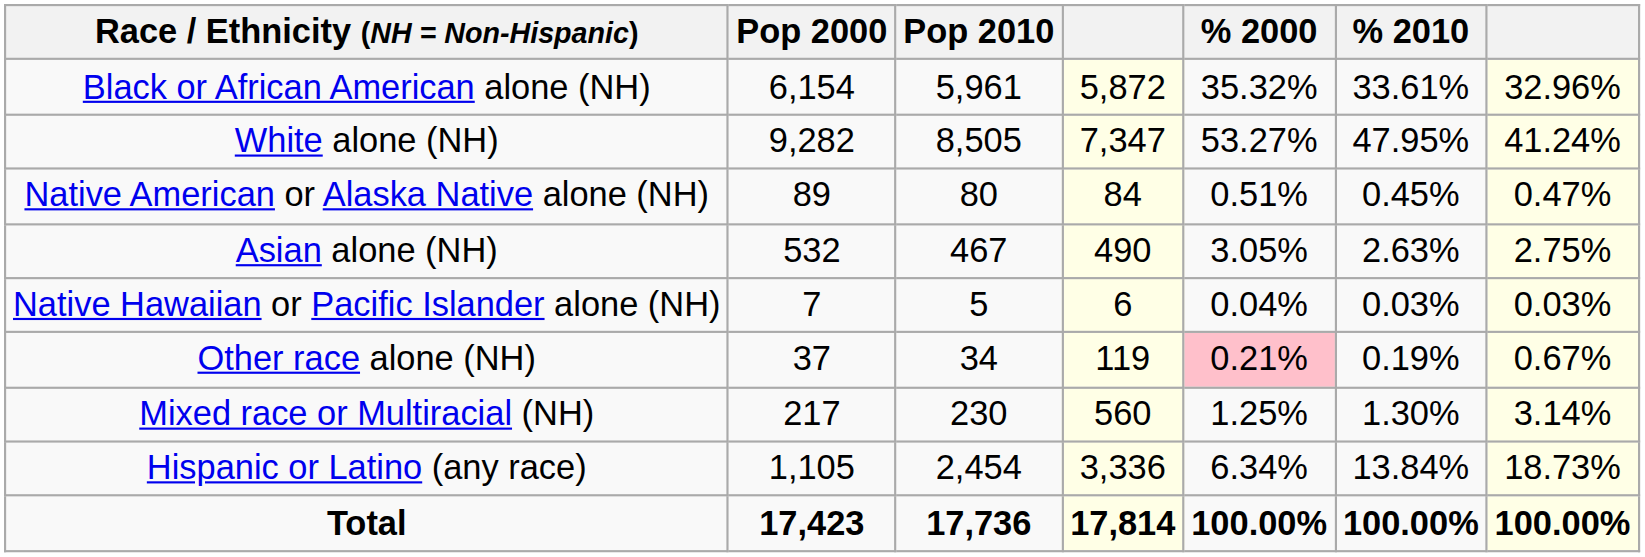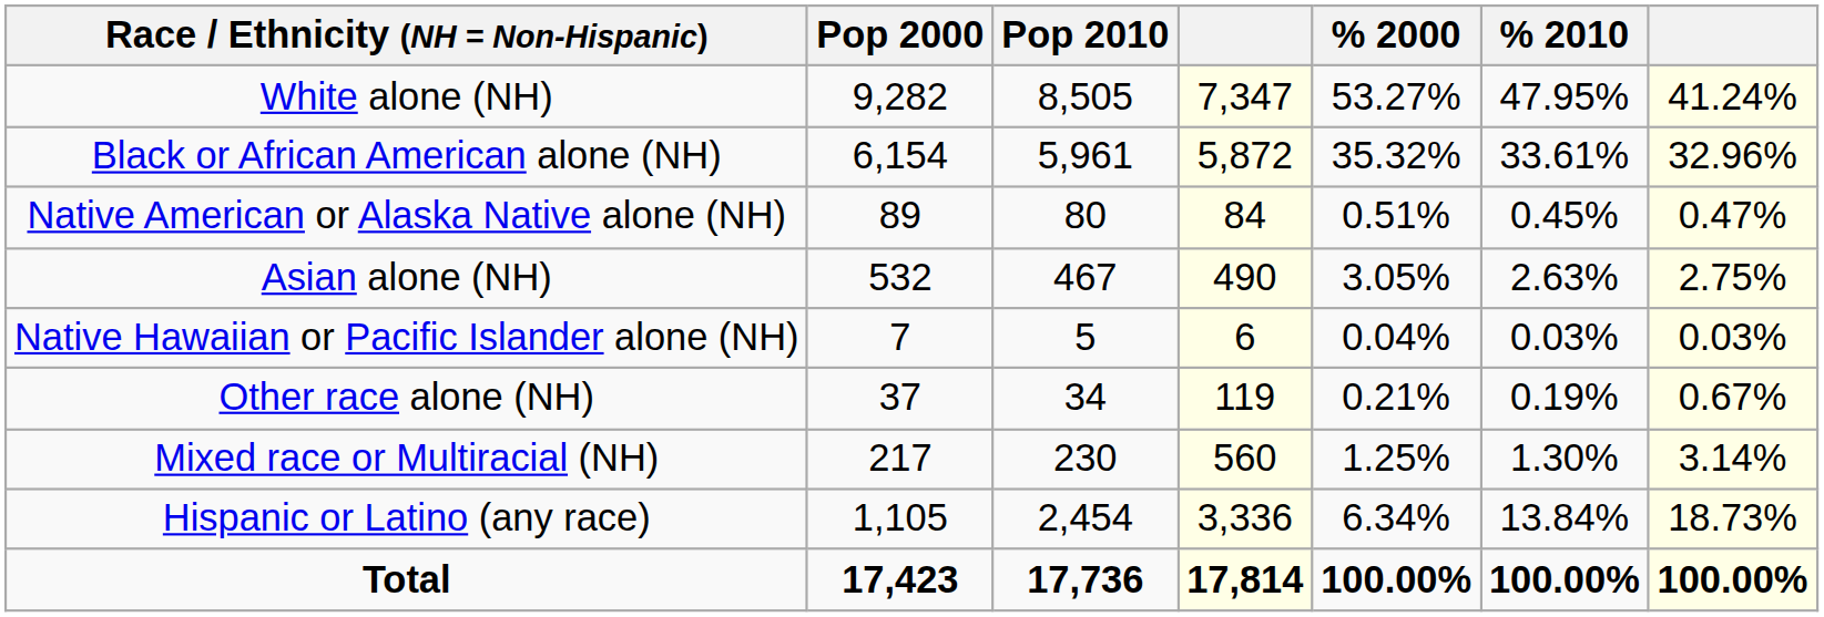 <table class="wikitable" style="text-align:center;">
 <tr>
 <th>Race / Ethnicity <small>(<em>NH = Non-Hispanic</em>)</small></th>
 <th>Pop 2000</th>
 <th>Pop 2010</th>
 <th></th>
 <th>% 2000</th>
 <th>% 2010</th>
 <th></th>
 </tr>
 <tr>
+<td><a href='#'>White</a> alone (NH)</td>
+<td>9,282</td>
+<td>8,505</td>
+<td style='background: #ffffe6;'>7,347</td>
+<td>53.27%</td>
+<td>47.95%</td>
+<td style='background: #ffffe6;'>41.24%</td>
+</tr>
+<tr>
 <td><a href='#'>Black or African American</a> alone (NH)</td>
 <td>6,154</td>
 <td>5,961</td>
 <td style='background: #ffffe6;'>5,872</td>
 <td>35.32%</td>
 <td>33.61%</td>
 <td style='background: #ffffe6;'>32.96%</td>
-</tr>
-<tr>
-<td><a href='#'>White</a> alone (NH)</td>
-<td>9,282</td>
-<td>8,505</td>
-<td style='background: #ffffe6;'>7,347</td>
-<td>53.27%</td>
-<td>47.95%</td>
-<td style='background: #ffffe6;'>41.24%</td>
 </tr>
 <tr>
 <td><a href='#'>Native American</a> or <a href='#'>Alaska Native</a> alone (NH)</td>
 <td>89</td>
 <td>80</td>
 <td style='background: #ffffe6;'>84</td>
 <td>0.51%</td>
 <td>0.45%</td>
 <td style='background: #ffffe6;'>0.47%</td>
 </tr>
 <tr>
 <td><a href='#'>Asian</a> alone (NH)</td>
 <td>532</td>
 <td>467</td>
 <td style='background: #ffffe6;'>490</td>
 <td>3.05%</td>
 <td>2.63%</td>
 <td style='background: #ffffe6;'>2.75%</td>
 </tr>
 <tr>
 <td><a href='#'>Native Hawaiian</a> or <a href='#'>Pacific Islander</a> alone (NH)</td>
 <td>7</td>
 <td>5</td>
 <td style='background: #ffffe6;'>6</td>
 <td>0.04%</td>
 <td>0.03%</td>
 <td style='background: #ffffe6;'>0.03%</td>
 </tr>
 <tr>
 <td><a href='#'>Other race</a> alone (NH)</td>
 <td>37</td>
 <td>34</td>
 <td style='background: #ffffe6;'>119</td>
-<td style="background: pink;">0.21%</td>
+<td>0.21%</td>
 <td>0.19%</td>
 <td style='background: #ffffe6;'>0.67%</td>
 </tr>
 <tr>
 <td><a href='#'>Mixed race or Multiracial</a> (NH)</td>
 <td>217</td>
 <td>230</td>
 <td style='background: #ffffe6;'>560</td>
 <td>1.25%</td>
 <td>1.30%</td>
 <td style='background: #ffffe6;'>3.14%</td>
 </tr>
 <tr>
 <td><a href='#'>Hispanic or Latino</a> (any race)</td>
 <td>1,105</td>
 <td>2,454</td>
 <td style='background: #ffffe6;'>3,336</td>
 <td>6.34%</td>
 <td>13.84%</td>
 <td style='background: #ffffe6;'>18.73%</td>
 </tr>
 <tr>
 <td><strong>Total</strong></td>
 <td><strong>17,423</strong></td>
 <td><strong>17,736</strong></td>
 <td style='background: #ffffe6;'><strong>17,814</strong></td>
 <td><strong>100.00%</strong></td>
 <td><strong>100.00%</strong></td>
 <td style='background: #ffffe6;'><strong>100.00%</strong></td>
 </tr>
 </table>
